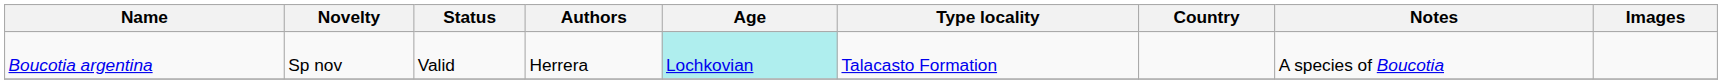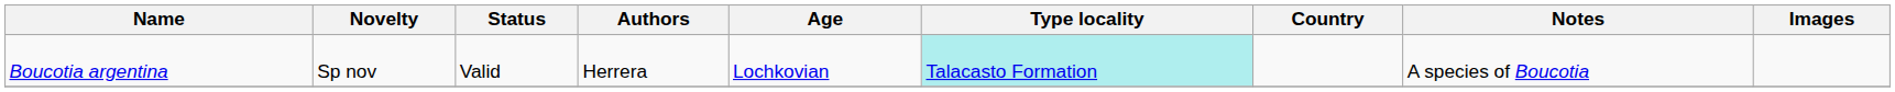 <table class="wikitable sortable" align="center" width="80%">
 <tr>
 <th>Name</th>
 <th>Novelty</th>
 <th>Status</th>
 <th>Authors</th>
 <th>Age</th>
 <th>Type locality</th>
 <th>Country</th>
 <th>Notes</th>
 <th>Images</th>
 </tr>
 <tr>
 <td><br><em><a href='#'>Boucotia argentina</a></em></td>
 <td><br>Sp nov</td>
 <td><br>Valid</td>
 <td><br>Herrera</td>
-<td style="background: paleturquoise;"><br><a href='#'>Lochkovian</a></td>
-<td><br><a href='#'>Talacasto Formation</a></td>
+<td><br><a href='#'>Lochkovian</a></td>
+<td style="background: paleturquoise;"><br><a href='#'>Talacasto Formation</a></td>
 <td><br></td>
 <td><br>A species of <em><a href='#'>Boucotia</a></em></td>
 <td></td>
 </tr>
 <tr>
 </tr>
 </table>
